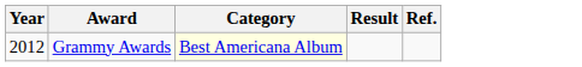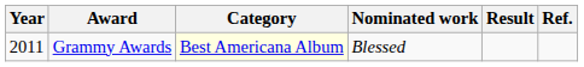 <table class="wikitable">
 <tr>
 <th scope="col">Year</th>
 <th scope="col">Award</th>
 <th scope="col">Category</th>
+<th scope="col">Nominated work</th>
 <th scope="col">Result</th>
 <th scope="col">Ref.</th>
 </tr>
 <tr>
-<td>2012</td>
+<td>2011</td>
 <td><a href='#'>Grammy Awards</a></td>
 <td style="background: lightyellow;"><a href='#'>Best Americana Album</a></td>
+<td><em>Blessed</em></td>
 <td></td>
 <td align="center"></td>
 </tr>
 </table>
